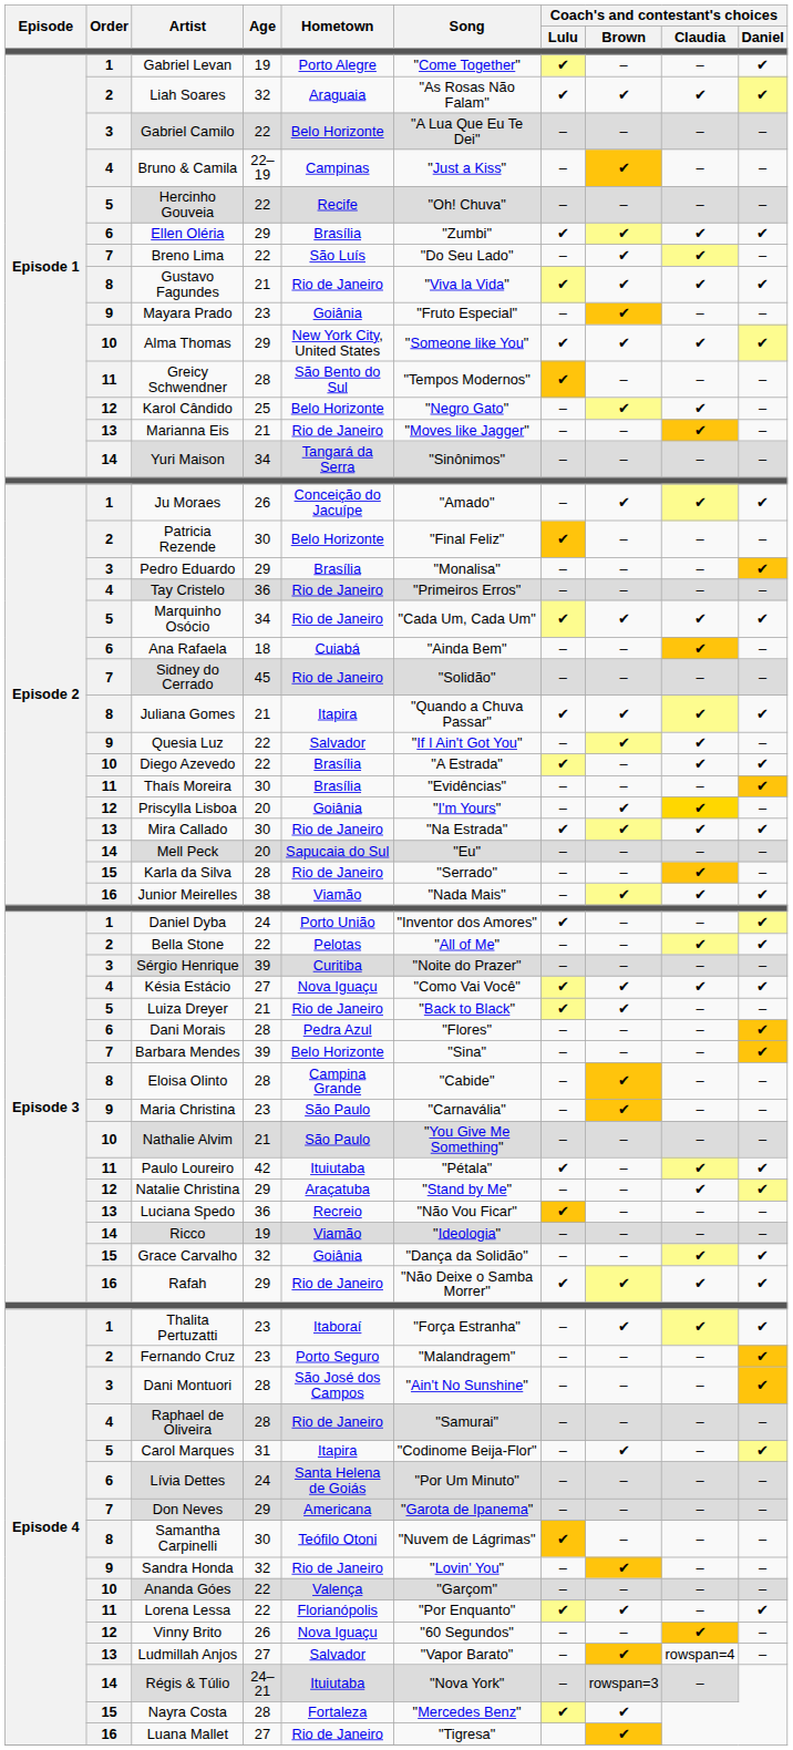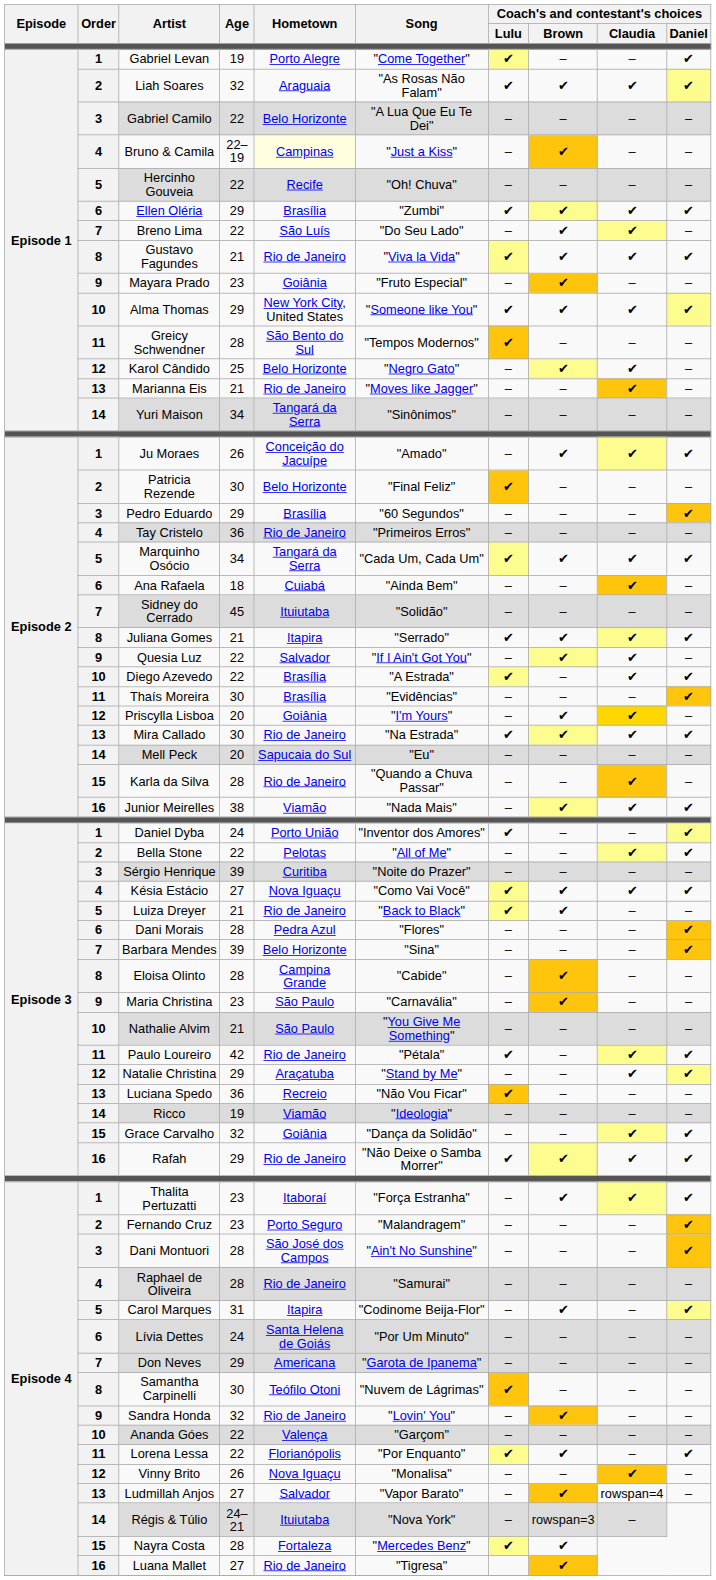 <table class="wikitable" style="text-align:center; line-height:17px; width:100%;">
 <tr>
 <th scope="col" rowspan=2 width="11%">Episode</th>
 <th scope="col" rowspan=2 width="04%">Order</th>
 <th scope="col" rowspan=2 width="15%">Artist</th>
 <th scope="col" rowspan=2 width="05%">Age</th>
 <th scope="col" rowspan=2 width="15%">Hometown</th>
 <th scope="col" rowspan=2 width="20%">Song</th>
 <th scope="col" colspan=4 width="24%">Coach's and contestant's choices</th>
 </tr>
 <tr>
 <th width="6%">Lulu</th>
 <th width="6%">Brown</th>
 <th width="6%">Claudia</th>
 <th width="6%">Daniel</th>
 </tr>
 <tr>
 <td colspan=10 bgcolor=555555></td>
 </tr>
 <tr>
 <th scope="row" rowspan=14>Episode 1<br></th>
 <th>1</th>
 <td>Gabriel Levan</td>
 <td>19</td>
 <td><a href='#'>Porto Alegre</a></td>
 <td>"<a href='#'>Come Together</a>"</td>
 <td bgcolor="FDFC8F">✔</td>
 <td>–</td>
 <td>–</td>
 <td>✔</td>
 </tr>
 <tr>
 <th>2</th>
 <td>Liah Soares</td>
 <td>32</td>
 <td><a href='#'>Araguaia</a></td>
 <td>"As Rosas Não Falam"</td>
 <td>✔</td>
 <td>✔</td>
 <td>✔</td>
 <td bgcolor="FDFC8F">✔</td>
 </tr>
 <tr bgcolor="DCDCDC">
 <th>3</th>
 <td>Gabriel Camilo</td>
 <td>22</td>
 <td><a href='#'>Belo Horizonte</a></td>
 <td>"A Lua Que Eu Te Dei"</td>
 <td>–</td>
 <td>–</td>
 <td>–</td>
 <td>–</td>
 </tr>
 <tr>
 <th>4</th>
 <td>Bruno & Camila</td>
 <td>22–19</td>
-<td><a href='#'>Campinas</a></td>
+<td style="background: lightyellow;"><a href='#'>Campinas</a></td>
 <td>"<a href='#'>Just a Kiss</a>"</td>
 <td>–</td>
 <td bgcolor="FFC40C">✔</td>
 <td>–</td>
 <td>–</td>
 </tr>
 <tr bgcolor="DCDCDC">
 <th>5</th>
 <td>Hercinho Gouveia</td>
 <td>22</td>
 <td><a href='#'>Recife</a></td>
 <td>"Oh! Chuva"</td>
 <td>–</td>
 <td>–</td>
 <td>–</td>
 <td>–</td>
 </tr>
 <tr>
 <th>6</th>
 <td><a href='#'>Ellen Oléria</a></td>
 <td>29</td>
 <td><a href='#'>Brasília</a></td>
 <td>"Zumbi"</td>
 <td>✔</td>
 <td bgcolor="FDFC8F">✔</td>
 <td>✔</td>
 <td>✔</td>
 </tr>
 <tr>
 <th>7</th>
 <td>Breno Lima</td>
 <td>22</td>
 <td><a href='#'>São Luís</a></td>
 <td>"Do Seu Lado"</td>
 <td>–</td>
 <td>✔</td>
 <td bgcolor="FDFC8F">✔</td>
 <td>–</td>
 </tr>
 <tr>
 <th>8</th>
 <td>Gustavo Fagundes</td>
 <td>21</td>
 <td><a href='#'>Rio de Janeiro</a></td>
 <td>"<a href='#'>Viva la Vida</a>"</td>
 <td bgcolor="FDFC8F">✔</td>
 <td>✔</td>
 <td>✔</td>
 <td>✔</td>
 </tr>
 <tr>
 <th>9</th>
 <td>Mayara Prado</td>
 <td>23</td>
 <td><a href='#'>Goiânia</a></td>
 <td>"Fruto Especial"</td>
 <td>–</td>
 <td bgcolor="FFC40C">✔</td>
 <td>–</td>
 <td>–</td>
 </tr>
 <tr>
 <th>10</th>
 <td>Alma Thomas</td>
 <td>29</td>
 <td><a href='#'>New York City</a>, United States</td>
 <td>"<a href='#'>Someone like You</a>"</td>
 <td>✔</td>
 <td>✔</td>
 <td>✔</td>
 <td bgcolor="FDFC8F">✔</td>
 </tr>
 <tr>
 <th>11</th>
 <td>Greicy Schwendner</td>
 <td>28</td>
 <td><a href='#'>São Bento do Sul</a></td>
 <td>"Tempos Modernos"</td>
 <td bgcolor="FFC40C">✔</td>
 <td>–</td>
 <td>–</td>
 <td>–</td>
 </tr>
 <tr>
 <th>12</th>
 <td>Karol Cândido</td>
 <td>25</td>
 <td><a href='#'>Belo Horizonte</a></td>
 <td>"<a href='#'>Negro Gato</a>"</td>
 <td>–</td>
 <td bgcolor="FDFC8F">✔</td>
 <td>✔</td>
 <td>–</td>
 </tr>
 <tr>
 <th>13</th>
 <td>Marianna Eis</td>
 <td>21</td>
 <td><a href='#'>Rio de Janeiro</a></td>
 <td>"<a href='#'>Moves like Jagger</a>"</td>
 <td>–</td>
 <td>–</td>
 <td bgcolor="FFC40C">✔</td>
 <td>–</td>
 </tr>
 <tr bgcolor="DCDCDC">
 <th>14</th>
 <td>Yuri Maison</td>
 <td>34</td>
 <td><a href='#'>Tangará da Serra</a></td>
 <td>"Sinônimos"</td>
 <td>–</td>
 <td>–</td>
 <td>–</td>
 <td>–</td>
 </tr>
 <tr>
 <td colspan=10 bgcolor=555555></td>
 </tr>
 <tr>
 <th scope="row" rowspan=16>Episode 2<br></th>
 <th>1</th>
 <td>Ju Moraes</td>
 <td>26</td>
 <td><a href='#'>Conceição do Jacuípe</a></td>
 <td>"Amado"</td>
 <td>–</td>
 <td>✔</td>
 <td bgcolor="FDFC8F">✔</td>
 <td>✔</td>
 </tr>
 <tr>
 <th>2</th>
 <td>Patricia Rezende</td>
 <td>30</td>
 <td><a href='#'>Belo Horizonte</a></td>
 <td>"Final Feliz"</td>
 <td bgcolor="FFC40C">✔</td>
 <td>–</td>
 <td>–</td>
 <td>–</td>
 </tr>
 <tr>
 <th>3</th>
 <td>Pedro Eduardo</td>
 <td>29</td>
 <td><a href='#'>Brasília</a></td>
-<td>"Monalisa"</td>
+<td>"60 Segundos"</td>
 <td>–</td>
 <td>–</td>
 <td>–</td>
 <td bgcolor="FFC40C">✔</td>
 </tr>
 <tr bgcolor="DCDCDC">
 <th>4</th>
 <td>Tay Cristelo</td>
 <td>36</td>
 <td><a href='#'>Rio de Janeiro</a></td>
 <td>"Primeiros Erros"</td>
 <td>–</td>
 <td>–</td>
 <td>–</td>
 <td>–</td>
 </tr>
 <tr>
 <th>5</th>
 <td>Marquinho Osócio</td>
 <td>34</td>
-<td><a href='#'>Rio de Janeiro</a></td>
+<td><a href='#'>Tangará da Serra</a></td>
 <td>"Cada Um, Cada Um"</td>
 <td bgcolor="FDFC8F">✔</td>
 <td>✔</td>
 <td>✔</td>
 <td>✔</td>
 </tr>
 <tr>
 <th>6</th>
 <td>Ana Rafaela</td>
 <td>18</td>
 <td><a href='#'>Cuiabá</a></td>
 <td>"Ainda Bem"</td>
 <td>–</td>
 <td>–</td>
 <td bgcolor="FFC40C">✔</td>
 <td>–</td>
 </tr>
 <tr bgcolor="DCDCDC">
 <th>7</th>
 <td>Sidney do Cerrado</td>
 <td>45</td>
-<td><a href='#'>Rio de Janeiro</a></td>
+<td><a href='#'>Ituiutaba</a></td>
 <td>"Solidão"</td>
 <td>–</td>
 <td>–</td>
 <td>–</td>
 <td>–</td>
 </tr>
 <tr>
 <th>8</th>
 <td>Juliana Gomes</td>
 <td>21</td>
 <td><a href='#'>Itapira</a></td>
-<td>"Quando a Chuva Passar"</td>
+<td>"Serrado"</td>
 <td>✔</td>
 <td>✔</td>
 <td bgcolor="FDFC8F">✔</td>
 <td>✔</td>
 </tr>
 <tr>
 <th>9</th>
 <td>Quesia Luz</td>
 <td>22</td>
 <td><a href='#'>Salvador</a></td>
 <td>"<a href='#'>If I Ain't Got You</a>"</td>
 <td>–</td>
 <td bgcolor="FDFC8F">✔</td>
 <td>✔</td>
 <td>–</td>
 </tr>
 <tr>
 <th>10</th>
 <td>Diego Azevedo</td>
 <td>22</td>
 <td><a href='#'>Brasília</a></td>
 <td>"A Estrada"</td>
 <td bgcolor="FDFC8F">✔</td>
 <td>–</td>
 <td>✔</td>
 <td>✔</td>
 </tr>
 <tr>
 <th>11</th>
 <td>Thaís Moreira</td>
 <td>30</td>
 <td><a href='#'>Brasília</a></td>
 <td>"Evidências"</td>
 <td>–</td>
 <td>–</td>
 <td>–</td>
 <td bgcolor="FFC40C">✔</td>
 </tr>
 <tr>
 <th>12</th>
 <td>Priscylla Lisboa</td>
 <td>20</td>
 <td><a href='#'>Goiânia</a></td>
 <td>"<a href='#'>I'm Yours</a>"</td>
 <td>–</td>
 <td>✔</td>
 <td bgcolor="FFD700">✔</td>
 <td>–</td>
 </tr>
 <tr>
 <th>13</th>
 <td>Mira Callado</td>
 <td>30</td>
 <td><a href='#'>Rio de Janeiro</a></td>
 <td>"Na Estrada"</td>
 <td>✔</td>
 <td bgcolor="FDFC8F">✔</td>
 <td>✔</td>
 <td>✔</td>
 </tr>
 <tr bgcolor="DCDCDC">
 <th>14</th>
 <td>Mell Peck</td>
 <td>20</td>
 <td><a href='#'>Sapucaia do Sul</a></td>
 <td>"Eu"</td>
 <td>–</td>
 <td>–</td>
 <td>–</td>
 <td>–</td>
 </tr>
 <tr>
 <th>15</th>
 <td>Karla da Silva</td>
 <td>28</td>
 <td><a href='#'>Rio de Janeiro</a></td>
-<td>"Serrado"</td>
+<td>"Quando a Chuva Passar"</td>
 <td>–</td>
 <td>–</td>
 <td bgcolor="FFC40C">✔</td>
 <td>–</td>
 </tr>
 <tr>
 <th>16</th>
 <td>Junior Meirelles</td>
 <td>38</td>
 <td><a href='#'>Viamão</a></td>
 <td>"Nada Mais"</td>
 <td>–</td>
 <td bgcolor="FDFC8F">✔</td>
 <td>✔</td>
 <td>✔</td>
 </tr>
 <tr>
 <td colspan=10 bgcolor=555555></td>
 </tr>
 <tr>
 <th scope="row" rowspan=16>Episode 3<br></th>
 <th>1</th>
 <td>Daniel Dyba</td>
 <td>24</td>
 <td><a href='#'>Porto União</a></td>
 <td>"Inventor dos Amores"</td>
 <td>✔</td>
 <td>–</td>
 <td>–</td>
 <td bgcolor="FDFC8F">✔</td>
 </tr>
 <tr>
 <th>2</th>
 <td>Bella Stone</td>
 <td>22</td>
 <td><a href='#'>Pelotas</a></td>
 <td>"<a href='#'>All of Me</a>"</td>
 <td>–</td>
 <td>–</td>
 <td bgcolor="FDFC8F">✔</td>
 <td>✔</td>
 </tr>
 <tr bgcolor="DCDCDC">
 <th>3</th>
 <td>Sérgio Henrique</td>
 <td>39</td>
 <td><a href='#'>Curitiba</a></td>
 <td>"Noite do Prazer"</td>
 <td>–</td>
 <td>–</td>
 <td>–</td>
 <td>–</td>
 </tr>
 <tr>
 <th>4</th>
 <td>Késia Estácio</td>
 <td>27</td>
 <td><a href='#'>Nova Iguaçu</a></td>
 <td>"Como Vai Você"</td>
 <td bgcolor="FDFC8F">✔</td>
 <td>✔</td>
 <td>✔</td>
 <td>✔</td>
 </tr>
 <tr>
 <th>5</th>
 <td>Luiza Dreyer</td>
 <td>21</td>
 <td><a href='#'>Rio de Janeiro</a></td>
 <td>"<a href='#'>Back to Black</a>"</td>
 <td bgcolor="FDFC8F">✔</td>
 <td>✔</td>
 <td>–</td>
 <td>–</td>
 </tr>
 <tr>
 <th>6</th>
 <td>Dani Morais</td>
 <td>28</td>
 <td><a href='#'>Pedra Azul</a></td>
 <td>"Flores"</td>
 <td>–</td>
 <td>–</td>
 <td>–</td>
 <td bgcolor="FFC40C">✔</td>
 </tr>
 <tr>
 <th>7</th>
 <td>Barbara Mendes</td>
 <td>39</td>
 <td><a href='#'>Belo Horizonte</a></td>
 <td>"Sina"</td>
 <td>–</td>
 <td>–</td>
 <td>–</td>
 <td bgcolor="FFC40C">✔</td>
 </tr>
 <tr>
 <th>8</th>
 <td>Eloisa Olinto</td>
 <td>28</td>
 <td><a href='#'>Campina Grande</a></td>
 <td>"Cabide"</td>
 <td>–</td>
 <td bgcolor="FFC40C">✔</td>
 <td>–</td>
 <td>–</td>
 </tr>
 <tr>
 <th>9</th>
 <td>Maria Christina</td>
 <td>23</td>
 <td><a href='#'>São Paulo</a></td>
 <td>"Carnavália"</td>
 <td>–</td>
 <td bgcolor="FFC40C">✔</td>
 <td>–</td>
 <td>–</td>
 </tr>
 <tr bgcolor="DCDCDC">
 <th>10</th>
 <td>Nathalie Alvim</td>
 <td>21</td>
 <td><a href='#'>São Paulo</a></td>
 <td>"<a href='#'>You Give Me Something</a>"</td>
 <td>–</td>
 <td>–</td>
 <td>–</td>
 <td>–</td>
 </tr>
 <tr>
 <th>11</th>
 <td>Paulo Loureiro</td>
 <td>42</td>
-<td><a href='#'>Ituiutaba</a></td>
+<td><a href='#'>Rio de Janeiro</a></td>
 <td>"Pétala"</td>
 <td>✔</td>
 <td>–</td>
 <td bgcolor="FDFC8F">✔</td>
 <td>✔</td>
 </tr>
 <tr>
 <th>12</th>
 <td>Natalie Christina</td>
 <td>29</td>
 <td><a href='#'>Araçatuba</a></td>
 <td>"<a href='#'>Stand by Me</a>"</td>
 <td>–</td>
 <td>–</td>
 <td>✔</td>
 <td bgcolor="FDFC8F">✔</td>
 </tr>
 <tr>
 <th>13</th>
 <td>Luciana Spedo</td>
 <td>36</td>
 <td><a href='#'>Recreio</a></td>
 <td>"Não Vou Ficar"</td>
 <td bgcolor="FFC40C">✔</td>
 <td>–</td>
 <td>–</td>
 <td>–</td>
 </tr>
 <tr bgcolor="DCDCDC">
 <th>14</th>
 <td>Ricco</td>
 <td>19</td>
 <td><a href='#'>Viamão</a></td>
 <td>"<a href='#'>Ideologia</a>"</td>
 <td>–</td>
 <td>–</td>
 <td>–</td>
 <td>–</td>
 </tr>
 <tr>
 <th>15</th>
 <td>Grace Carvalho</td>
 <td>32</td>
 <td><a href='#'>Goiânia</a></td>
 <td>"Dança da Solidão"</td>
 <td>–</td>
 <td>–</td>
 <td bgcolor="FDFC8F">✔</td>
 <td>✔</td>
 </tr>
 <tr>
 <th>16</th>
 <td>Rafah</td>
 <td>29</td>
 <td><a href='#'>Rio de Janeiro</a></td>
 <td>"Não Deixe o Samba Morrer"</td>
 <td>✔</td>
 <td bgcolor="FDFC8F">✔</td>
 <td>✔</td>
 <td>✔</td>
 </tr>
 <tr>
 <td colspan=10 bgcolor=555555></td>
 </tr>
 <tr>
 <th scope="row" rowspan=16>Episode 4<br></th>
 <th>1</th>
 <td>Thalita Pertuzatti</td>
 <td>23</td>
 <td><a href='#'>Itaboraí</a></td>
 <td>"Força Estranha"</td>
 <td>–</td>
 <td>✔</td>
 <td bgcolor="FDFC8F">✔</td>
 <td>✔</td>
 </tr>
 <tr>
 <th>2</th>
 <td>Fernando Cruz</td>
 <td>23</td>
 <td><a href='#'>Porto Seguro</a></td>
 <td>"Malandragem"</td>
 <td>–</td>
 <td>–</td>
 <td>–</td>
 <td bgcolor="FFC40C">✔</td>
 </tr>
 <tr>
 <th>3</th>
 <td>Dani Montuori</td>
 <td>28</td>
 <td><a href='#'>São José dos Campos</a></td>
 <td>"<a href='#'>Ain't No Sunshine</a>"</td>
 <td>–</td>
 <td>–</td>
 <td>–</td>
 <td bgcolor="FFC40C">✔</td>
 </tr>
 <tr bgcolor="DCDCDC">
 <th>4</th>
 <td>Raphael de Oliveira</td>
 <td>28</td>
 <td><a href='#'>Rio de Janeiro</a></td>
 <td>"Samurai"</td>
 <td>–</td>
 <td>–</td>
 <td>–</td>
 <td>–</td>
 </tr>
 <tr>
 <th>5</th>
 <td>Carol Marques</td>
 <td>31</td>
 <td><a href='#'>Itapira</a></td>
 <td>"Codinome Beija-Flor"</td>
 <td>–</td>
 <td>✔</td>
 <td>–</td>
 <td bgcolor="FDFC8F">✔</td>
 </tr>
 <tr bgcolor="DCDCDC">
 <th>6</th>
 <td>Lívia Dettes</td>
 <td>24</td>
 <td><a href='#'>Santa Helena de Goiás</a></td>
 <td>"Por Um Minuto"</td>
 <td>–</td>
 <td>–</td>
 <td>–</td>
 <td>–</td>
 </tr>
 <tr bgcolor="DCDCDC">
 <th>7</th>
 <td>Don Neves</td>
 <td>29</td>
 <td><a href='#'>Americana</a></td>
 <td>"<a href='#'>Garota de Ipanema</a>"</td>
 <td>–</td>
 <td>–</td>
 <td>–</td>
 <td>–</td>
 </tr>
 <tr>
 <th>8</th>
 <td>Samantha Carpinelli</td>
 <td>30</td>
 <td><a href='#'>Teófilo Otoni</a></td>
 <td>"Nuvem de Lágrimas"</td>
 <td bgcolor="FFC40C">✔</td>
 <td>–</td>
 <td>–</td>
 <td>–</td>
 </tr>
 <tr>
 <th>9</th>
 <td>Sandra Honda</td>
 <td>32</td>
 <td><a href='#'>Rio de Janeiro</a></td>
 <td>"<a href='#'>Lovin' You</a>"</td>
 <td>–</td>
 <td bgcolor="FFC40C">✔</td>
 <td>–</td>
 <td>–</td>
 </tr>
 <tr bgcolor="DCDCDC">
 <th>10</th>
 <td>Ananda Góes</td>
 <td>22</td>
 <td><a href='#'>Valença</a></td>
 <td>"Garçom"</td>
 <td>–</td>
 <td>–</td>
 <td>–</td>
 <td>–</td>
 </tr>
 <tr>
 <th>11</th>
 <td>Lorena Lessa</td>
 <td>22</td>
 <td><a href='#'>Florianópolis</a></td>
 <td>"Por Enquanto"</td>
 <td bgcolor="FDFC8F">✔</td>
 <td>✔</td>
 <td>–</td>
 <td>✔</td>
 </tr>
 <tr>
 <th>12</th>
 <td>Vinny Brito</td>
 <td>26</td>
 <td><a href='#'>Nova Iguaçu</a></td>
-<td>"60 Segundos"</td>
+<td>"Monalisa"</td>
 <td>–</td>
 <td>–</td>
 <td bgcolor="FFC40C">✔</td>
 <td>–</td>
 </tr>
 <tr>
 <th>13</th>
 <td>Ludmillah Anjos</td>
 <td>27</td>
 <td><a href='#'>Salvador</a></td>
 <td>"Vapor Barato"</td>
 <td>–</td>
 <td bgcolor="FFC40C">✔</td>
 <td>rowspan=4 </td>
 <td>–</td>
 </tr>
 <tr bgcolor="DCDCDC">
 <th>14</th>
 <td>Régis & Túlio</td>
 <td>24–21</td>
 <td><a href='#'>Ituiutaba</a></td>
 <td>"Nova York"</td>
 <td>–</td>
 <td>rowspan=3 </td>
 <td>–</td>
 </tr>
 <tr>
 <th>15</th>
 <td>Nayra Costa</td>
 <td>28</td>
 <td><a href='#'>Fortaleza</a></td>
 <td>"<a href='#'>Mercedes Benz</a>"</td>
 <td bgcolor="FDFC8F">✔</td>
 <td>✔</td>
 </tr>
 <tr>
 <th>16</th>
 <td>Luana Mallet</td>
 <td>27</td>
 <td><a href='#'>Rio de Janeiro</a></td>
 <td>"Tigresa"</td>
 <td></td>
 <td bgcolor="FFC40C">✔</td>
 </tr>
 <tr>
 </tr>
 </table>
